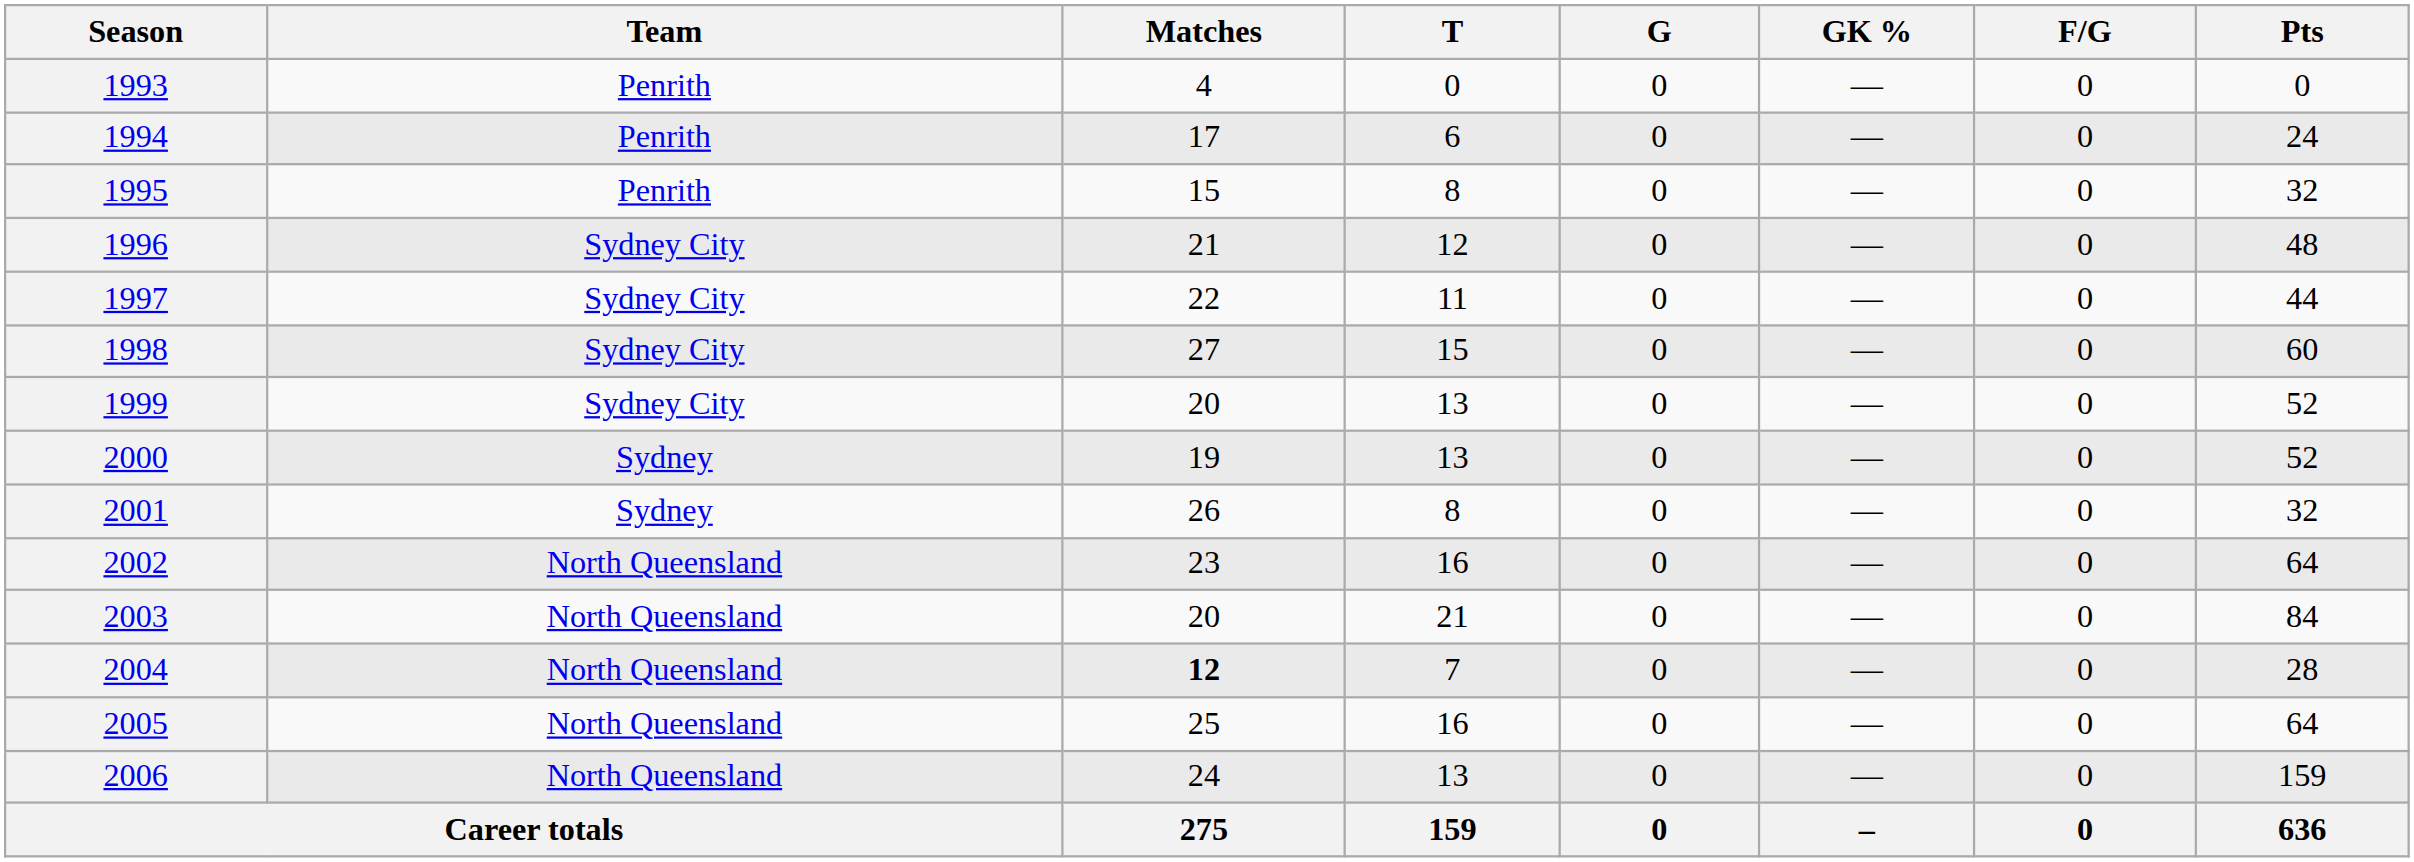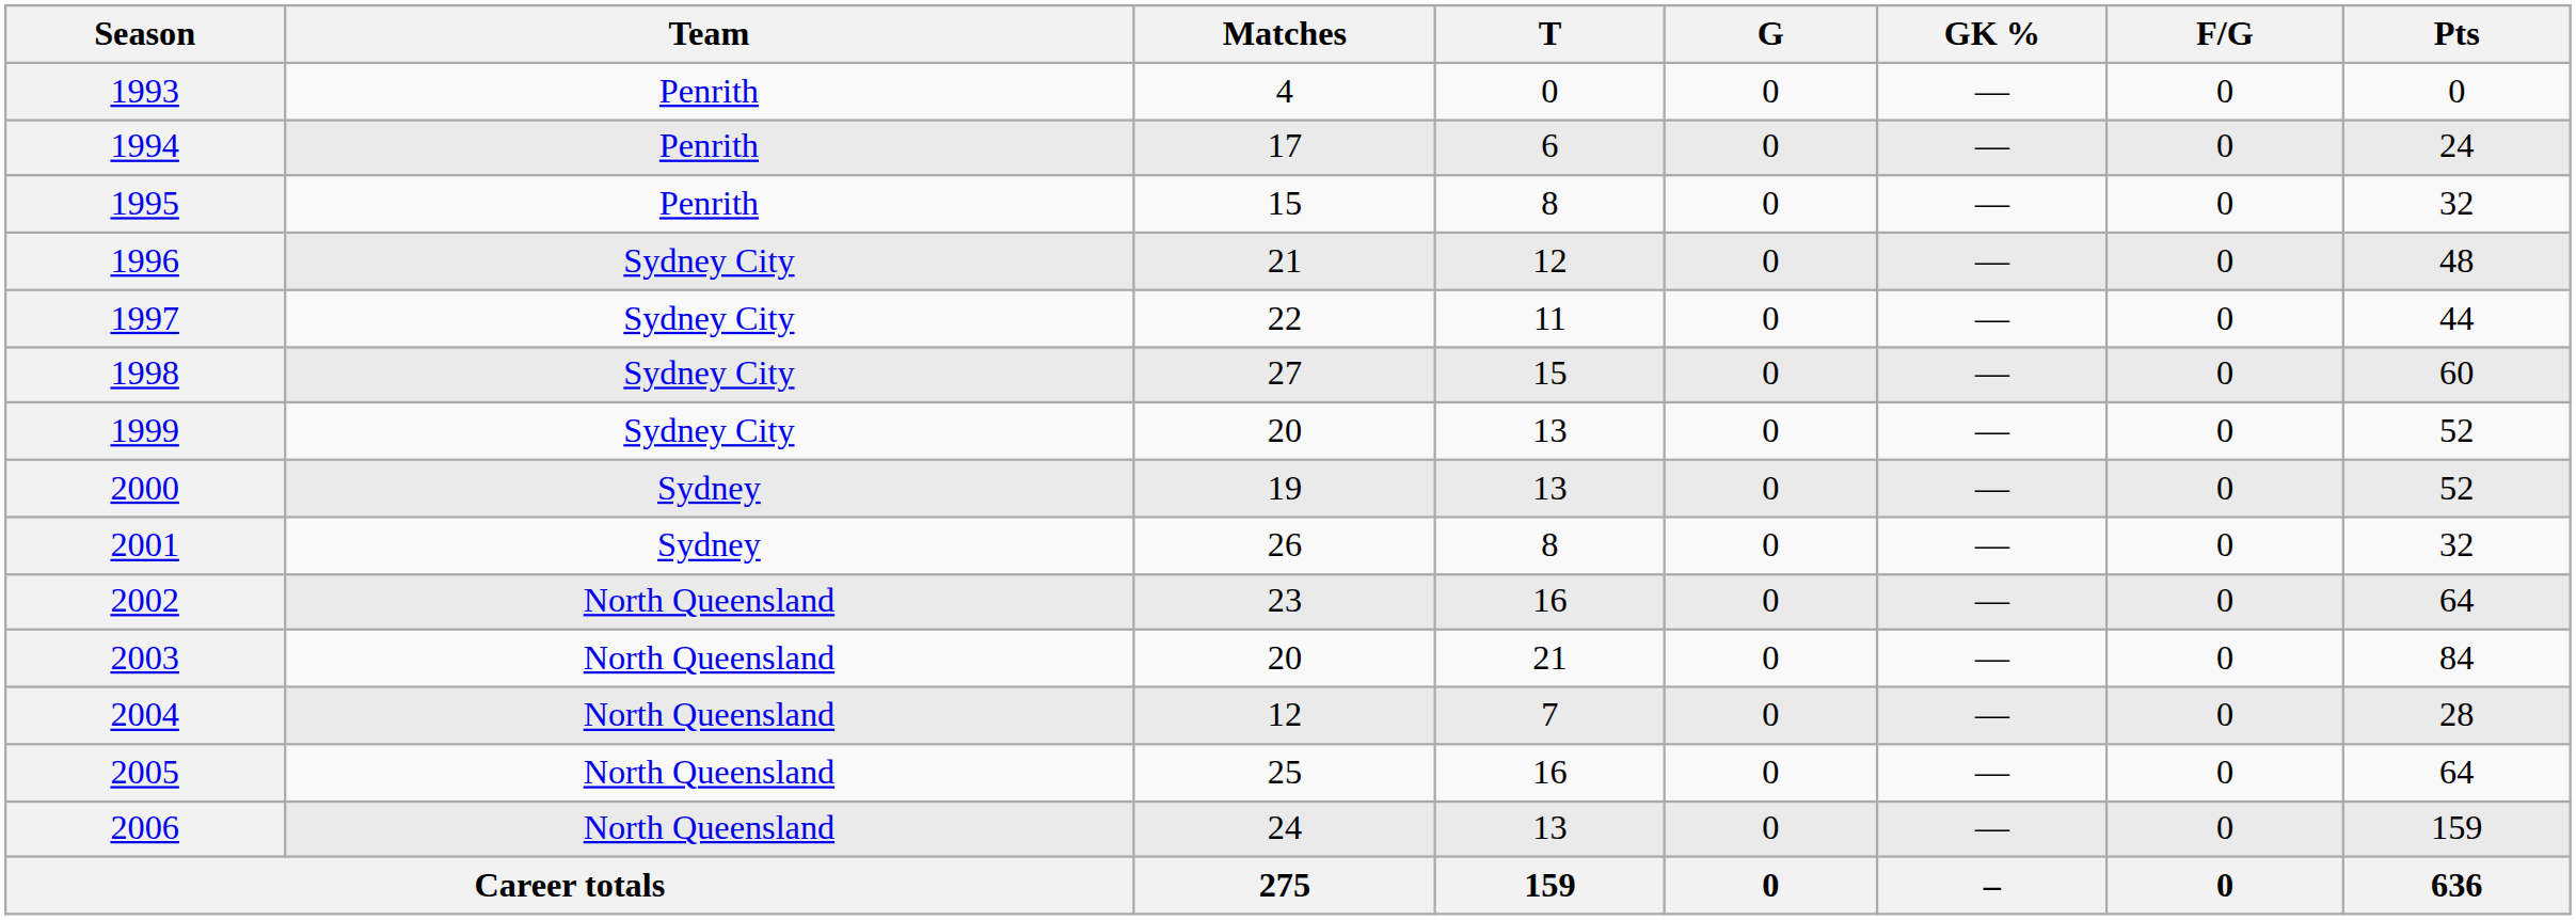 <table class="wikitable sortable"  style="font-size:90%; text-align:center; width:85%;">
 <tr>
 <th width=2%>Season</th>
 <th width=8%>Team</th>
 <th width=2%>Matches</th>
 <th width=2%>T</th>
 <th width=2%>G</th>
 <th width=2%>GK %</th>
 <th width=2%>F/G</th>
 <th width=2%>Pts</th>
 </tr>
 <tr>
 <th scope="row" style="text-align:center; font-weight:normal"><a href='#'>1993</a></th>
 <td style="text-align:center;"> <a href='#'>Penrith</a></td>
 <td>4</td>
 <td>0</td>
 <td>0</td>
 <td>—</td>
 <td>0</td>
 <td>0</td>
 </tr>
 <tr style="background-color: #EAEAEA">
 <th scope="row" style="text-align:center; font-weight:normal"><a href='#'>1994</a></th>
 <td style="text-align:center;"> <a href='#'>Penrith</a></td>
 <td>17</td>
 <td>6</td>
 <td>0</td>
 <td>—</td>
 <td>0</td>
 <td>24</td>
 </tr>
 <tr>
 <th scope="row" style="text-align:center; font-weight:normal"><a href='#'>1995</a></th>
 <td style="text-align:center;"> <a href='#'>Penrith</a></td>
 <td>15</td>
 <td>8</td>
 <td>0</td>
 <td>—</td>
 <td>0</td>
 <td>32</td>
 </tr>
 <tr style="background-color: #EAEAEA">
 <th scope="row" style="text-align:center; font-weight:normal"><a href='#'>1996</a></th>
 <td style="text-align:center;"> <a href='#'>Sydney City</a></td>
 <td>21</td>
 <td>12</td>
 <td>0</td>
 <td>—</td>
 <td>0</td>
 <td>48</td>
 </tr>
 <tr>
 <th scope="row" style="text-align:center; font-weight:normal"><a href='#'>1997</a></th>
 <td style="text-align:center;"> <a href='#'>Sydney City</a></td>
 <td>22</td>
 <td>11</td>
 <td>0</td>
 <td>—</td>
 <td>0</td>
 <td>44</td>
 </tr>
 <tr style="background-color: #EAEAEA">
 <th scope="row" style="text-align:center; font-weight:normal"><a href='#'>1998</a></th>
 <td style="text-align:center;"> <a href='#'>Sydney City</a></td>
 <td>27</td>
 <td>15</td>
 <td>0</td>
 <td>—</td>
 <td>0</td>
 <td>60</td>
 </tr>
 <tr>
 <th scope="row" style="text-align:center; font-weight:normal"><a href='#'>1999</a></th>
 <td style="text-align:center;"> <a href='#'>Sydney City</a></td>
 <td>20</td>
 <td>13</td>
 <td>0</td>
 <td>—</td>
 <td>0</td>
 <td>52</td>
 </tr>
 <tr style="background-color: #EAEAEA">
 <th scope="row" style="text-align:center; font-weight:normal"><a href='#'>2000</a></th>
 <td style="text-align:center;"> <a href='#'>Sydney</a></td>
 <td>19</td>
 <td>13</td>
 <td>0</td>
 <td>—</td>
 <td>0</td>
 <td>52</td>
 </tr>
 <tr>
 <th scope="row" style="text-align:center; font-weight:normal"><a href='#'>2001</a></th>
 <td style="text-align:center;"> <a href='#'>Sydney</a></td>
 <td>26</td>
 <td>8</td>
 <td>0</td>
 <td>—</td>
 <td>0</td>
 <td>32</td>
 </tr>
 <tr style="background-color: #EAEAEA">
 <th scope="row" style="text-align:center; font-weight:normal"><a href='#'>2002</a></th>
 <td style="text-align:center;"> <a href='#'>North Queensland</a></td>
 <td>23</td>
 <td>16</td>
 <td>0</td>
 <td>—</td>
 <td>0</td>
 <td>64</td>
 </tr>
 <tr>
 <th scope="row" style="text-align:center; font-weight:normal"><a href='#'>2003</a></th>
 <td style="text-align:center;"> <a href='#'>North Queensland</a></td>
 <td>20</td>
 <td>21</td>
 <td>0</td>
 <td>—</td>
 <td>0</td>
 <td>84</td>
 </tr>
 <tr style="background-color: #EAEAEA">
 <th scope="row" style="text-align:center; font-weight:normal"><a href='#'>2004</a></th>
 <td style="text-align:center;"> <a href='#'>North Queensland</a></td>
-<td><strong>12</strong></td>
+<td>12</td>
 <td>7</td>
 <td>0</td>
 <td>—</td>
 <td>0</td>
 <td>28</td>
 </tr>
 <tr>
 <th scope="row" style="text-align:center; font-weight:normal"><a href='#'>2005</a></th>
 <td style="text-align:center;"> <a href='#'>North Queensland</a></td>
 <td>25</td>
 <td>16</td>
 <td>0</td>
 <td>—</td>
 <td>0</td>
 <td>64</td>
 </tr>
 <tr style="background-color: #EAEAEA">
 <th scope="row" style="text-align:center; font-weight:normal"><a href='#'>2006</a></th>
 <td style="text-align:center;"> <a href='#'>North Queensland</a></td>
 <td>24</td>
 <td>13</td>
 <td>0</td>
 <td>—</td>
 <td>0</td>
 <td>159</td>
 </tr>
 <tr class="sortbottom">
 <th colspan=2>Career totals</th>
 <th>275</th>
 <th>159</th>
 <th>0</th>
 <th>–</th>
 <th>0</th>
 <th>636</th>
 </tr>
 </table>
